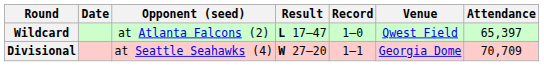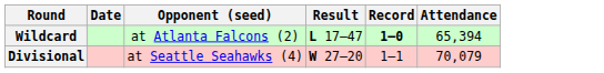 <table class="wikitable" style="text-align:center">
 <tr>
 <th>Round</th>
 <th>Date</th>
 <th>Opponent (seed)</th>
 <th>Result</th>
 <th>Record</th>
-<th>Venue</th>
 <th>Attendance</th>
 </tr>
 <tr style="background:#cfc">
 <th>Wildcard</th>
 <td></td>
 <td>at <a href='#'>Atlanta Falcons</a> (2)</td>
 <td><strong>L</strong> 17–47</td>
-<td>1–0</td>
-<td><a href='#'>Qwest Field</a></td>
-<td>65,397</td>
+<td><strong>1–0</strong></td>
+<td>65,394</td>
 </tr>
 <tr style="background:#fcc">
 <th>Divisional</th>
 <td></td>
 <td>at <a href='#'>Seattle Seahawks</a> (4)</td>
 <td><strong>W</strong> 27–20</td>
 <td>1–1</td>
-<td><a href='#'>Georgia Dome</a></td>
-<td>70,709</td>
+<td>70,079</td>
 </tr>
 </table>
